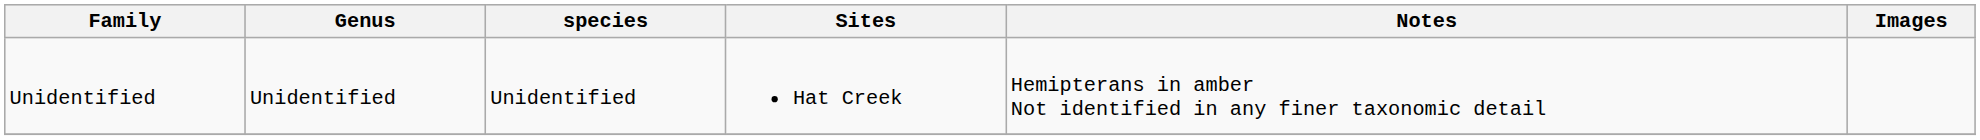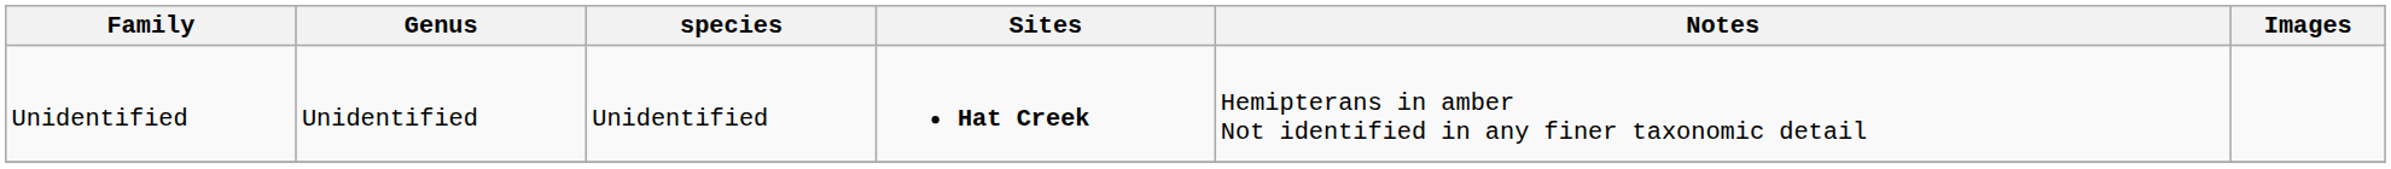 <table class="wikitable sortable"  style="margin:auto; width:100%;">
 <tr>
 <th>Family</th>
 <th>Genus</th>
 <th>species</th>
 <th>Sites</th>
 <th>Notes</th>
 <th>Images</th>
 </tr>
 <tr>
 <td><br>Unidentified</td>
 <td><br>Unidentified</td>
 <td><br>Unidentified</td>
-<td><br><ul><li>Hat Creek</li></ul></td>
+<td><strong><br><ul><li>Hat Creek</li></ul></strong></td>
 <td><br>Hemipterans in amber<br>Not identified in any finer taxonomic detail</td>
 <td></td>
 </tr>
 <tr>
 </tr>
 </table>
